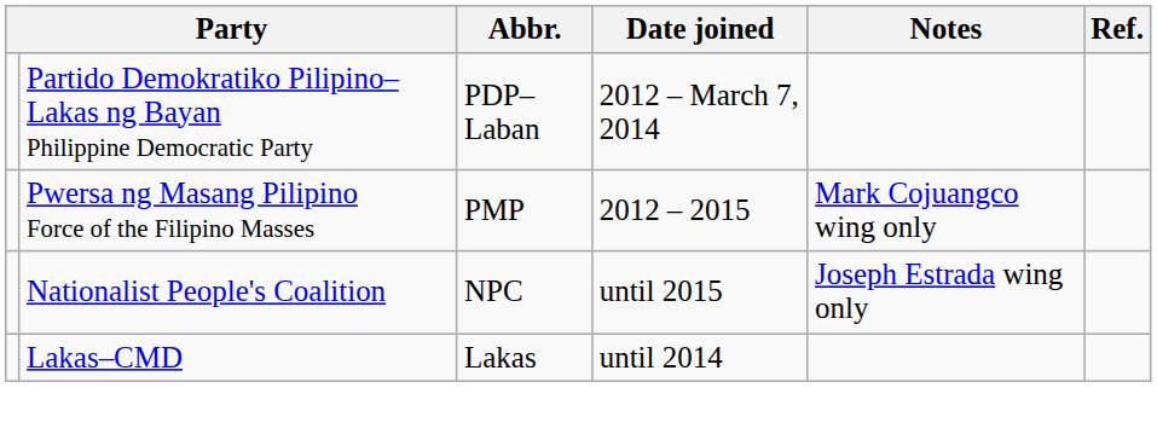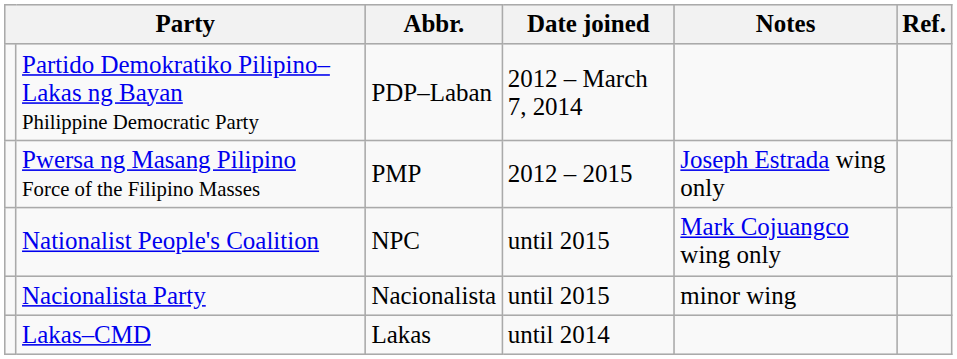 <table class="wikitable">
 <tr>
 <th colspan="2">Party</th>
 <th>Abbr.</th>
 <th>Date joined</th>
 <th>Notes</th>
 <th>Ref.</th>
 </tr>
 <tr>
 <td style="background:"></td>
 <td><a href='#'>Partido Demokratiko Pilipino–Lakas ng Bayan</a><br><small>Philippine Democratic Party</small></td>
 <td>PDP–Laban</td>
 <td>2012 – March 7, 2014</td>
 <td></td>
 </tr>
 <tr>
 <td style="background:"></td>
 <td><a href='#'>Pwersa ng Masang Pilipino</a><br><small>Force of the Filipino Masses</small></td>
 <td>PMP</td>
 <td>2012 – 2015</td>
-<td><a href='#'>Mark Cojuangco</a> wing only</td>
+<td><a href='#'>Joseph Estrada</a> wing only</td>
 <td></td>
 </tr>
 <tr>
 <td style="background:"></td>
 <td><a href='#'>Nationalist People's Coalition</a></td>
 <td>NPC</td>
 <td>until 2015</td>
-<td><a href='#'>Joseph Estrada</a> wing only</td>
+<td><a href='#'>Mark Cojuangco</a> wing only</td>
+<td></td>
+</tr>
+<tr>
+<td style="background:"></td>
+<td><a href='#'>Nacionalista Party</a></td>
+<td>Nacionalista</td>
+<td>until 2015</td>
+<td>minor wing</td>
 <td></td>
 </tr>
 <tr>
 <td style="background:"></td>
 <td><a href='#'>Lakas–CMD</a></td>
 <td>Lakas</td>
 <td>until 2014</td>
 <td></td>
 <td></td>
 </tr>
 </table>
